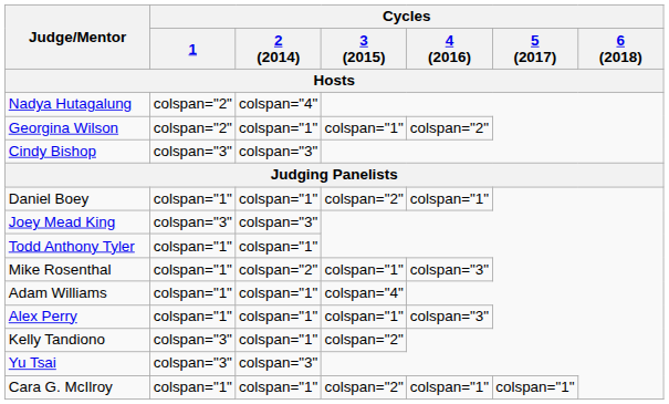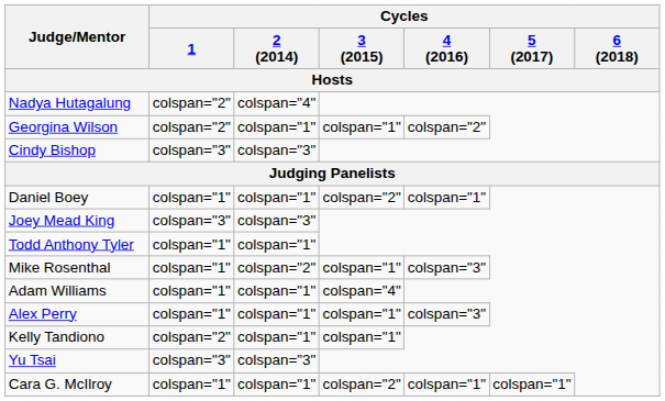 <table class="wikitable" style="margin:1em auto 1em auto;">
 <tr>
 <th rowspan="2">Judge/Mentor</th>
 <th colspan="6">Cycles</th>
 </tr>
 <tr>
 <th width="13%"><a href='#'>1</a><br> </th>
 <th width="13%"><a href='#'>2</a><br> (2014)</th>
 <th width="13%"><a href='#'>3</a><br> (2015)</th>
 <th width="13%"><a href='#'>4</a><br> (2016)</th>
 <th width="13%"><a href='#'>5</a><br> (2017)</th>
 <th width="13%"><a href='#'>6</a><br> (2018)</th>
 </tr>
 <tr>
 <th scope="col" colspan="9">Hosts</th>
 </tr>
 <tr>
 <td scope="row"><a href='#'>Nadya Hutagalung</a></td>
 <td>colspan="2" </td>
 <td>colspan="4" </td>
 </tr>
 <tr>
 <td scope="row"><a href='#'>Georgina Wilson</a></td>
 <td>colspan="2" </td>
 <td>colspan="1" </td>
 <td>colspan="1" </td>
 <td>colspan="2" </td>
 </tr>
 <tr>
 <td scope="row"><a href='#'>Cindy Bishop</a></td>
 <td>colspan="3" </td>
 <td>colspan="3" </td>
 </tr>
 <tr>
 <th scope="col" colspan="13">Judging Panelists</th>
 </tr>
 <tr>
 <td scope="row">Daniel Boey</td>
 <td>colspan="1" </td>
 <td>colspan="1" </td>
 <td>colspan="2" </td>
 <td>colspan="1" </td>
 </tr>
 <tr>
 <td scope="row"><a href='#'>Joey Mead King</a></td>
 <td>colspan="3" </td>
 <td>colspan="3" </td>
 </tr>
 <tr>
 <td scope="row"><a href='#'>Todd Anthony Tyler</a></td>
 <td>colspan="1" </td>
 <td>colspan="1" </td>
 </tr>
 <tr>
 <td scope="row">Mike Rosenthal</td>
 <td>colspan="1" </td>
 <td>colspan="2" </td>
 <td>colspan="1" </td>
 <td>colspan="3" </td>
 </tr>
 <tr>
 <td scope="row">Adam Williams</td>
 <td>colspan="1" </td>
 <td>colspan="1" </td>
 <td>colspan="4" </td>
 </tr>
 <tr>
 <td scope="row"><a href='#'>Alex Perry</a></td>
 <td>colspan="1" </td>
 <td>colspan="1" </td>
 <td>colspan="1" </td>
 <td>colspan="3" </td>
 </tr>
 <tr>
 <td scope="row">Kelly Tandiono</td>
-<td>colspan="3" </td>
+<td>colspan="2" </td>
 <td>colspan="1" </td>
-<td>colspan="2" </td>
+<td>colspan="1" </td>
 </tr>
 <tr>
 <td scope="row"><a href='#'>Yu Tsai</a></td>
 <td>colspan="3" </td>
 <td>colspan="3" </td>
 </tr>
 <tr>
 <td scope="row">Cara G. McIlroy</td>
 <td>colspan="1" </td>
 <td>colspan="1" </td>
 <td>colspan="2" </td>
 <td>colspan="1" </td>
 <td>colspan="1" </td>
 </tr>
 </table>
